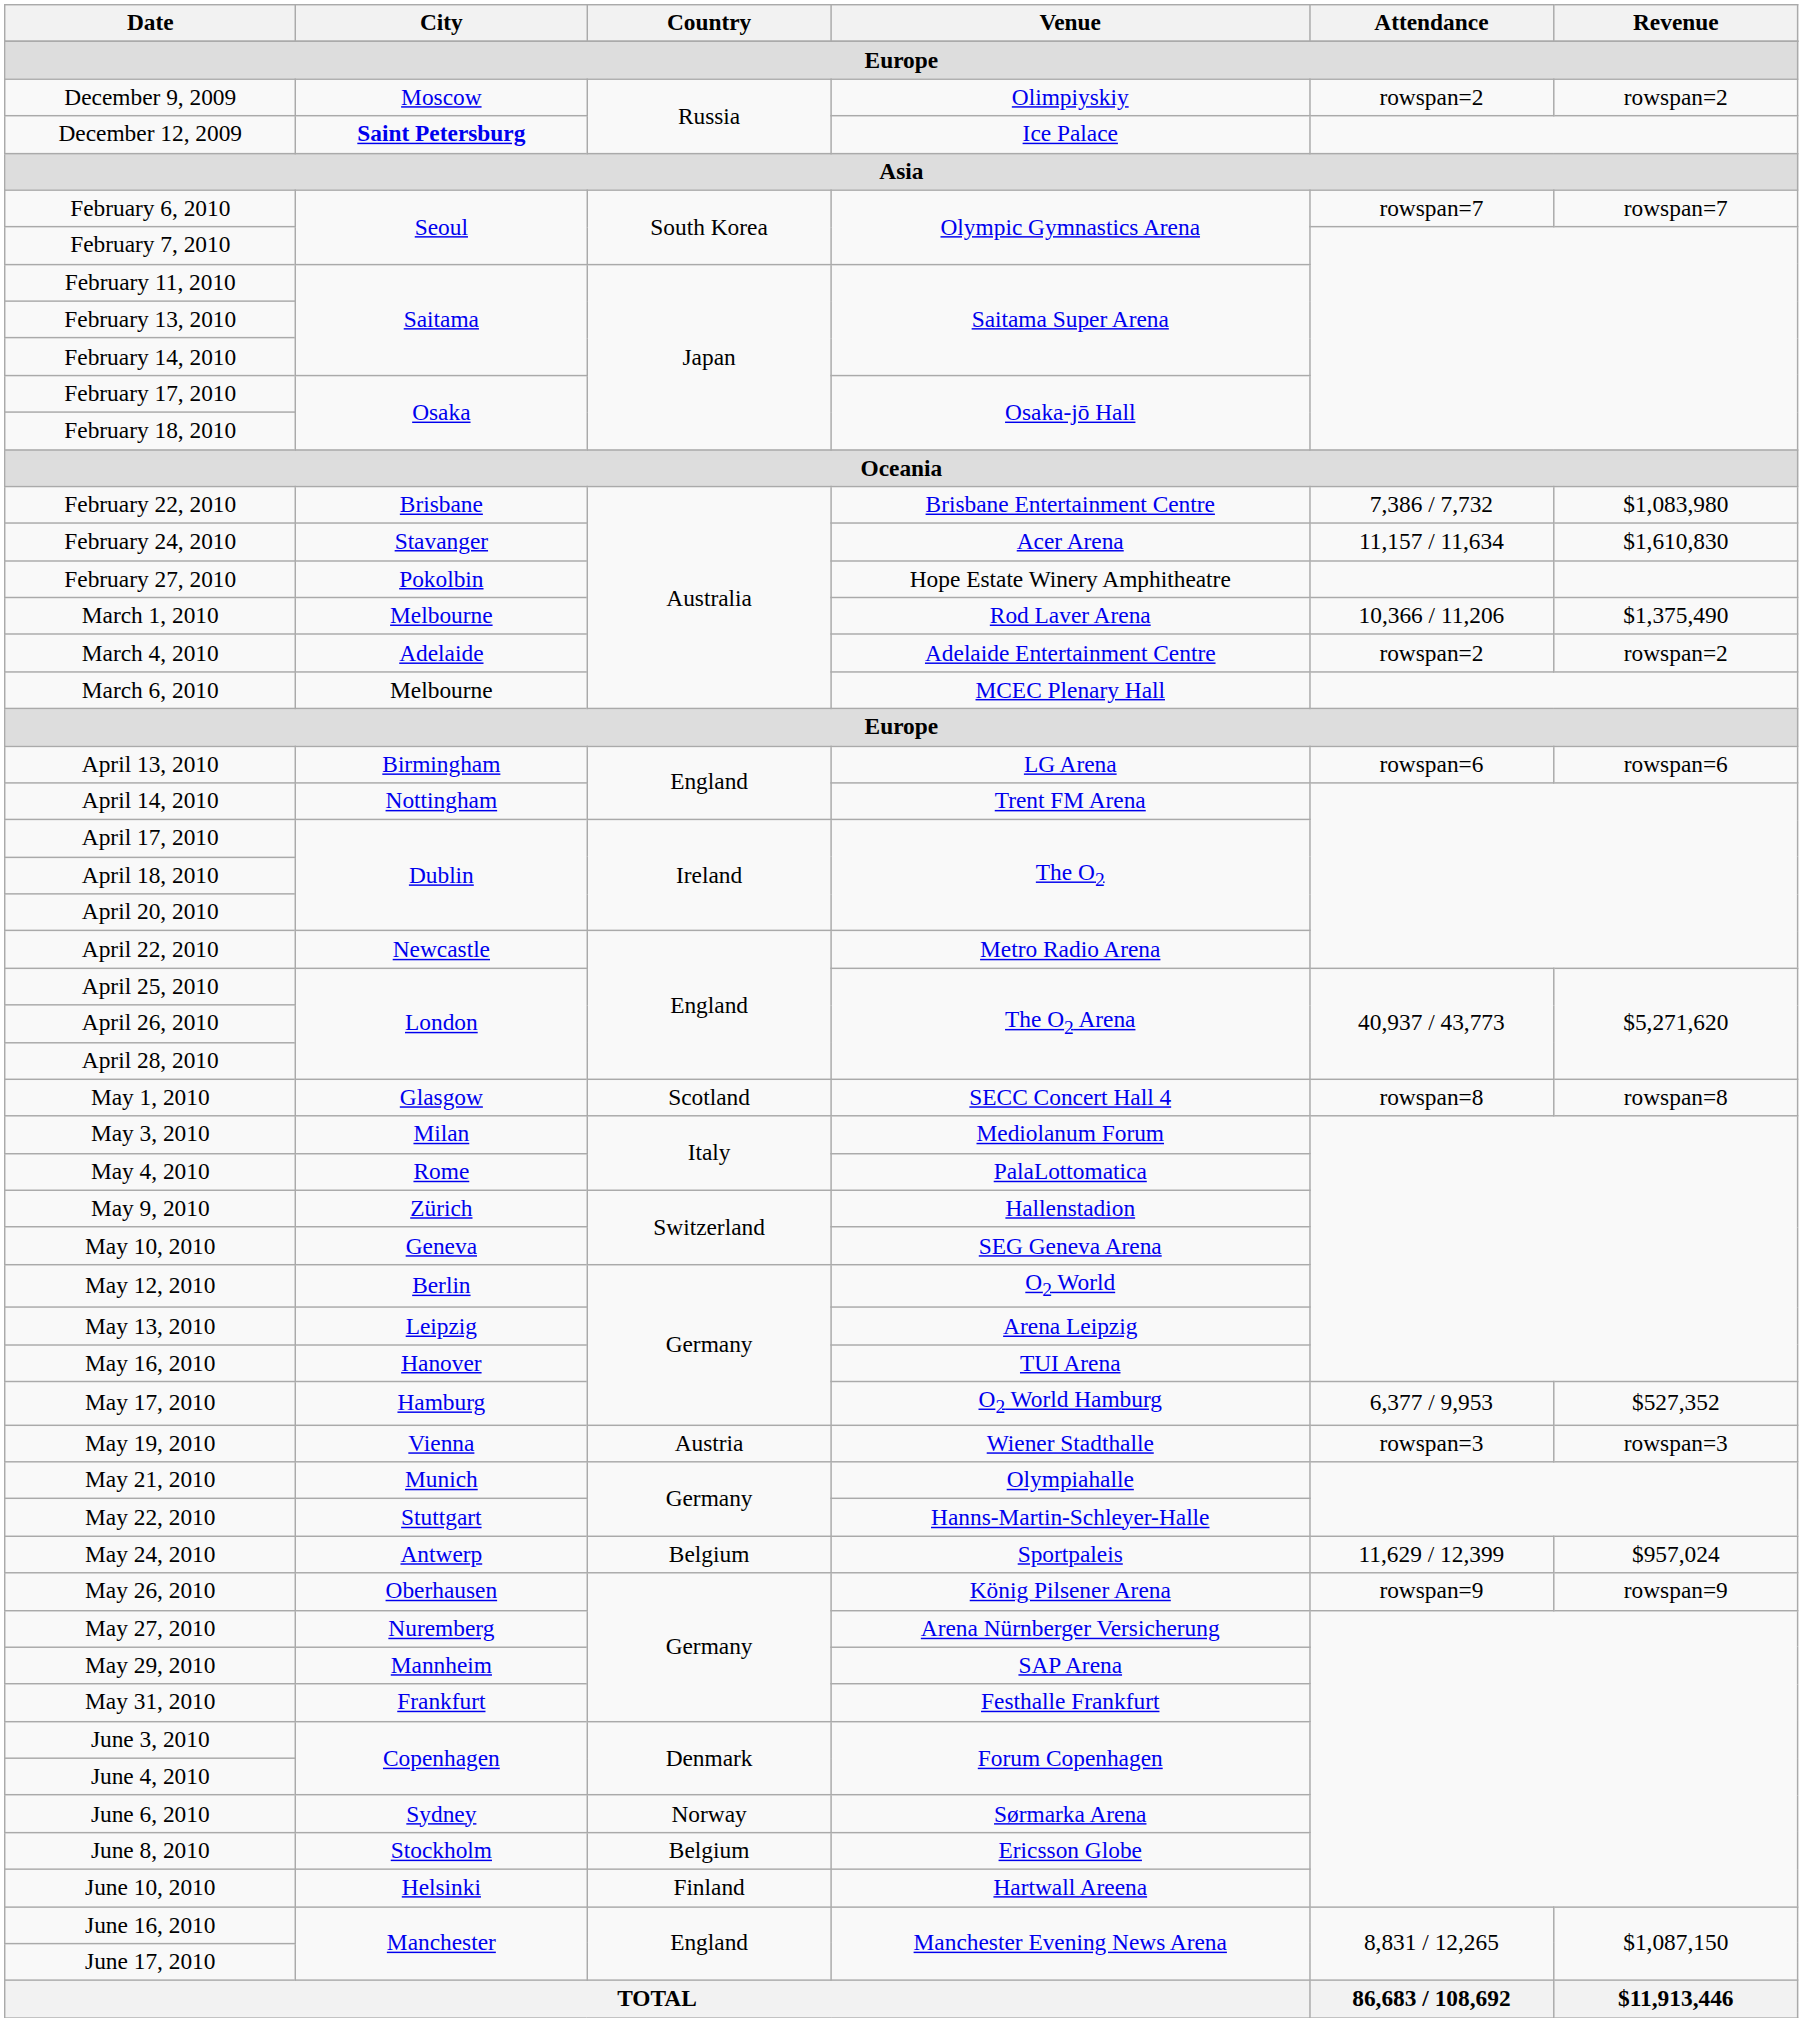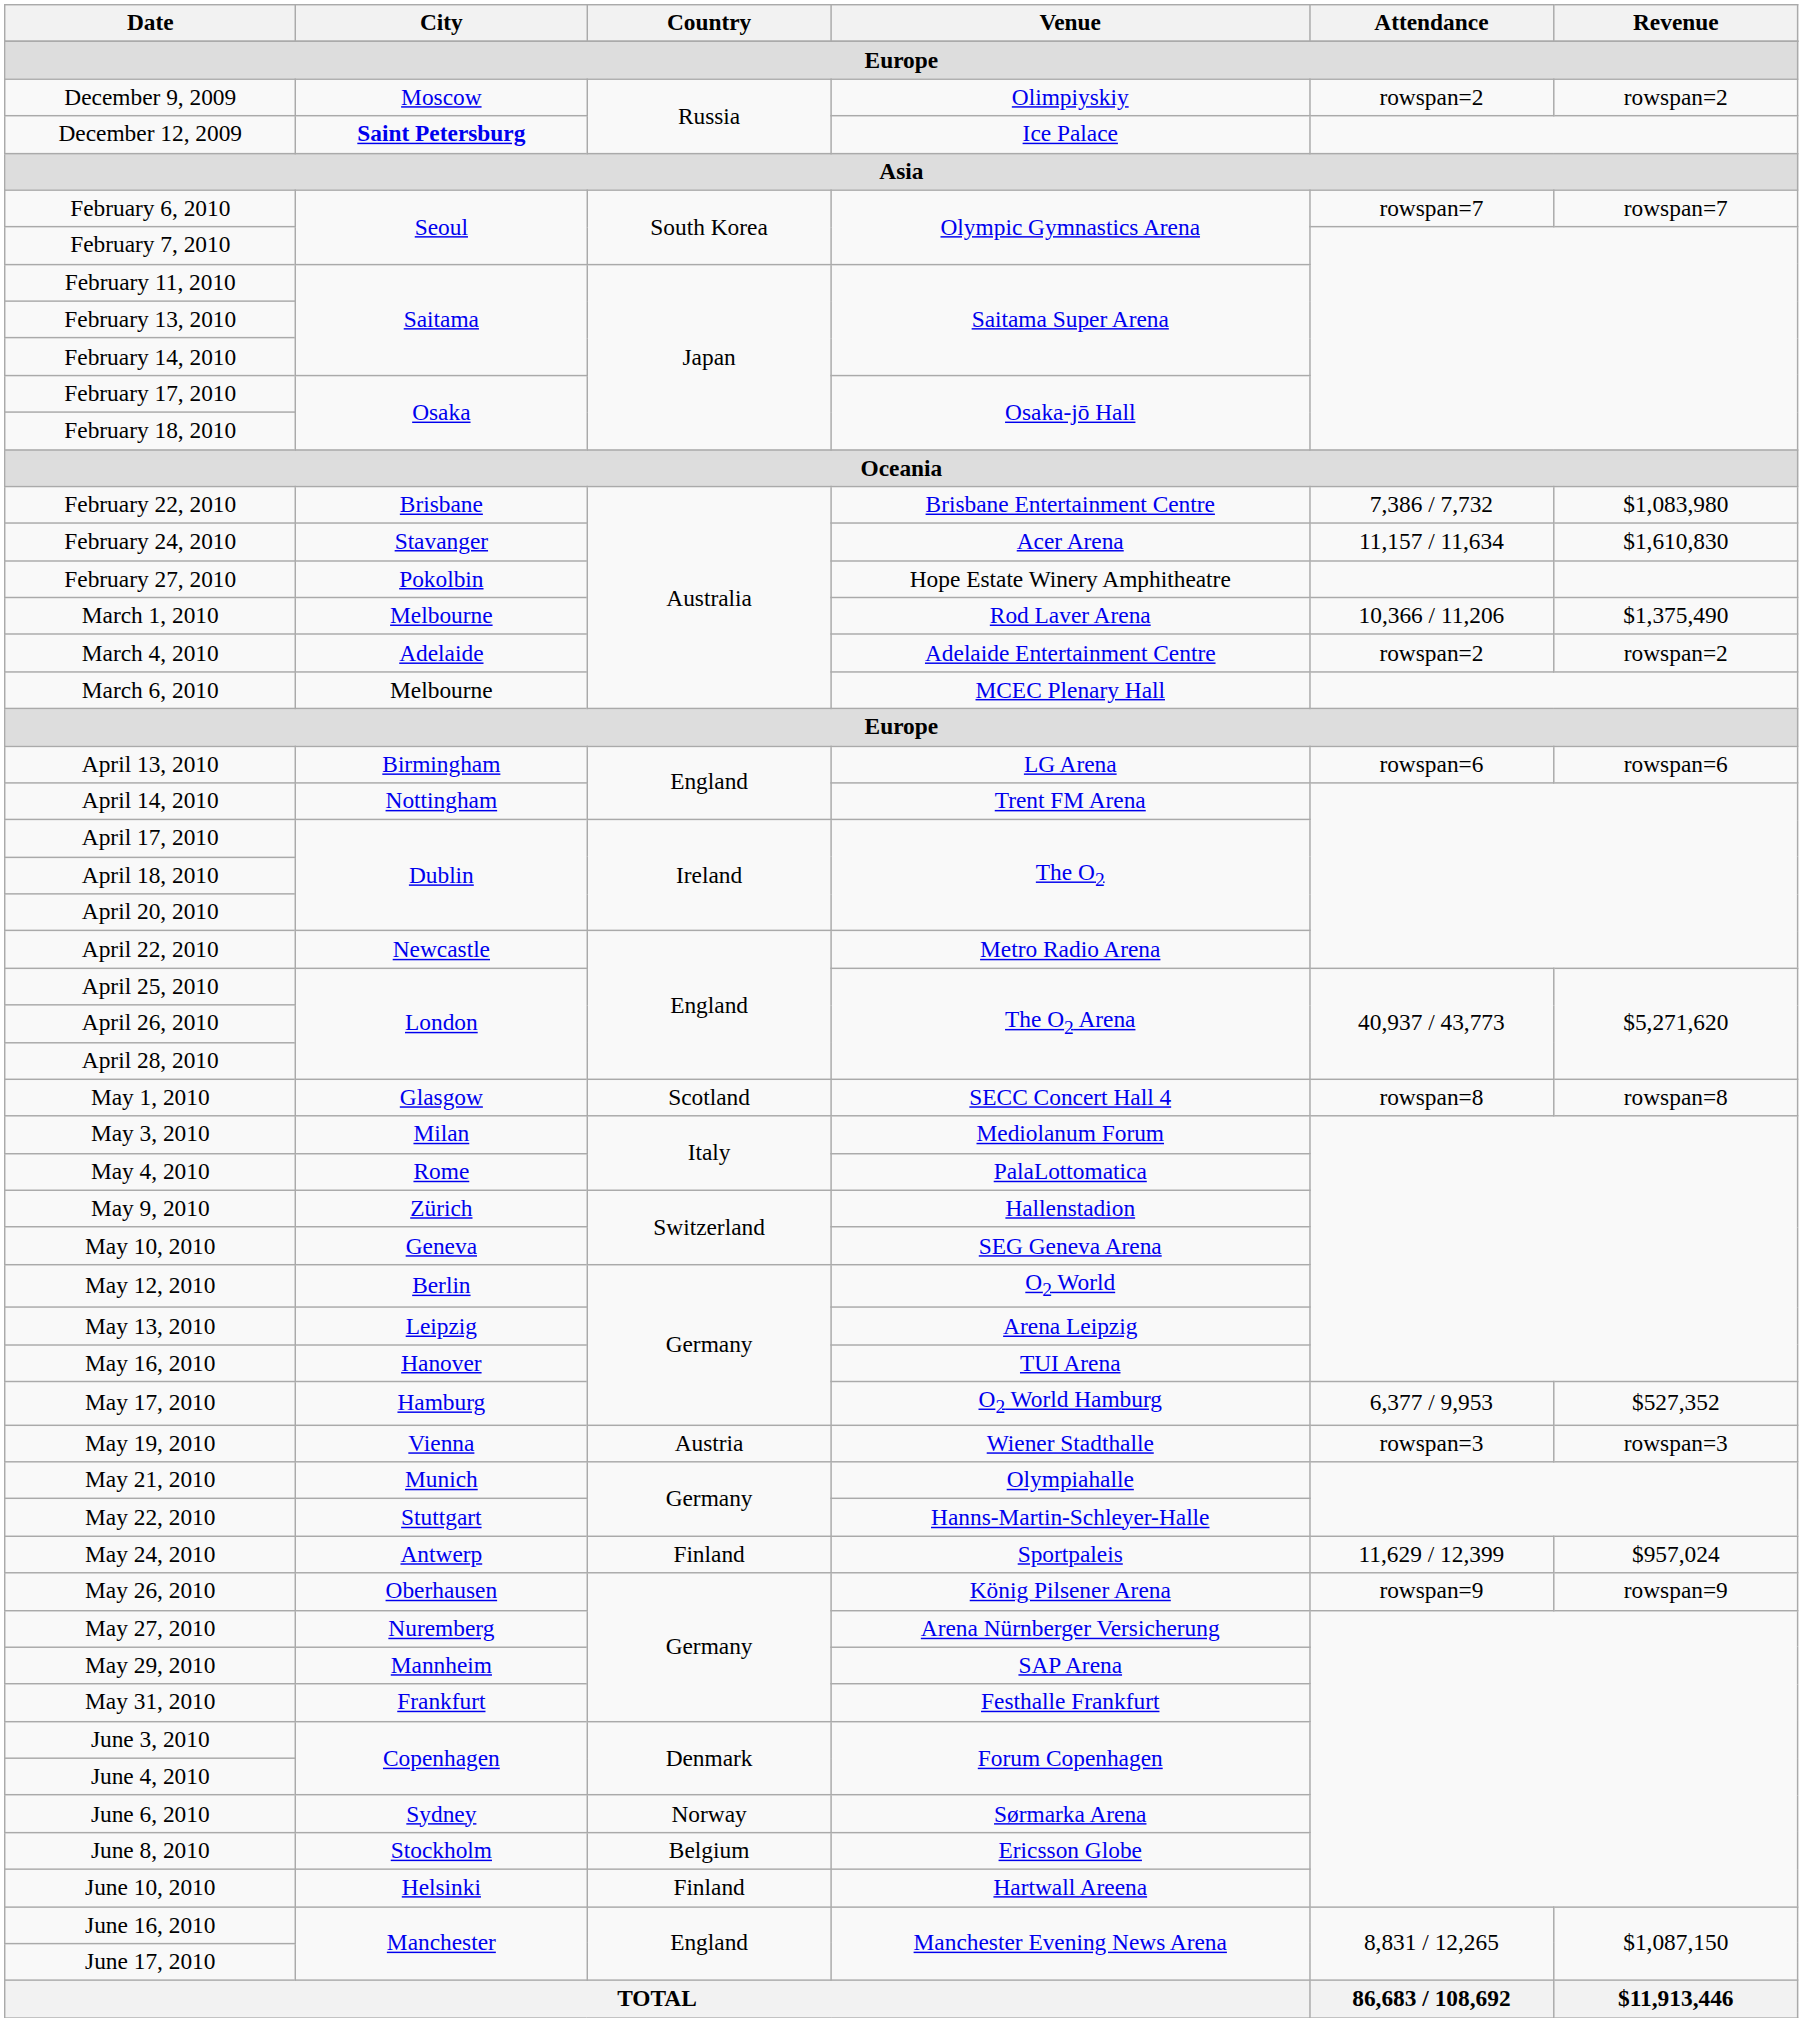 <table class="wikitable" style="text-align:center;">
 <tr>
 <th scope="col" style="width:12em;">Date</th>
 <th scope="col" style="width:12em;">City</th>
 <th scope="col" style="width:10em;">Country</th>
 <th scope="col" style="width:20em;">Venue</th>
 <th scope="col" style="width:10em;">Attendance</th>
 <th scope="col" style="width:10em;">Revenue</th>
 </tr>
 <tr>
 </tr>
 <tr bgcolor="#DDDDDD">
 <td colspan=6><strong>Europe</strong></td>
 </tr>
 <tr>
 <td>December 9, 2009</td>
 <td><a href='#'>Moscow</a></td>
 <td rowspan="2">Russia</td>
 <td><a href='#'>Olimpiyskiy</a></td>
 <td>rowspan=2 </td>
 <td>rowspan=2 </td>
 </tr>
 <tr>
 <td>December 12, 2009</td>
 <td><strong><a href='#'>Saint Petersburg</a></strong></td>
 <td><a href='#'>Ice Palace</a></td>
 </tr>
 <tr bgcolor="#DDDDDD">
 <td colspan=6><strong>Asia</strong></td>
 </tr>
 <tr>
 <td>February 6, 2010</td>
 <td rowspan="2"><a href='#'>Seoul</a></td>
 <td rowspan="2">South Korea</td>
 <td rowspan="2"><a href='#'>Olympic Gymnastics Arena</a></td>
 <td>rowspan=7 </td>
 <td>rowspan=7 </td>
 </tr>
 <tr>
 <td>February 7, 2010</td>
 </tr>
 <tr>
 <td>February 11, 2010</td>
 <td rowspan="3"><a href='#'>Saitama</a></td>
 <td rowspan="5">Japan</td>
 <td rowspan="3"><a href='#'>Saitama Super Arena</a></td>
 </tr>
 <tr>
 <td>February 13, 2010</td>
 </tr>
 <tr>
 <td>February 14, 2010</td>
 </tr>
 <tr>
 <td>February 17, 2010</td>
 <td rowspan="2"><a href='#'>Osaka</a></td>
 <td rowspan="2"><a href='#'>Osaka-jō Hall</a></td>
 </tr>
 <tr>
 <td>February 18, 2010</td>
 </tr>
 <tr bgcolor="#DDDDDD">
 <td colspan=6><strong>Oceania</strong></td>
 </tr>
 <tr>
 <td>February 22, 2010</td>
 <td><a href='#'>Brisbane</a></td>
 <td rowspan="6">Australia</td>
 <td><a href='#'>Brisbane Entertainment Centre</a></td>
 <td>7,386 / 7,732</td>
 <td>$1,083,980</td>
 </tr>
 <tr>
 <td>February 24, 2010</td>
 <td><a href='#'>Stavanger</a></td>
 <td><a href='#'>Acer Arena</a></td>
 <td>11,157 / 11,634</td>
 <td>$1,610,830</td>
 </tr>
 <tr>
 <td>February 27, 2010</td>
 <td><a href='#'>Pokolbin</a></td>
 <td>Hope Estate Winery Amphitheatre</td>
 <td></td>
 <td></td>
 </tr>
 <tr>
 <td>March 1, 2010</td>
 <td><a href='#'>Melbourne</a></td>
 <td><a href='#'>Rod Laver Arena</a></td>
 <td>10,366 / 11,206</td>
 <td>$1,375,490</td>
 </tr>
 <tr>
 <td>March 4, 2010</td>
 <td><a href='#'>Adelaide</a></td>
 <td><a href='#'>Adelaide Entertainment Centre</a></td>
 <td>rowspan=2 </td>
 <td>rowspan=2 </td>
 </tr>
 <tr>
 <td>March 6, 2010</td>
 <td>Melbourne</td>
 <td><a href='#'>MCEC Plenary Hall</a></td>
 </tr>
 <tr bgcolor="#DDDDDD">
 <td colspan=6><strong>Europe</strong></td>
 </tr>
 <tr>
 <td>April 13, 2010</td>
 <td><a href='#'>Birmingham</a></td>
 <td rowspan="2">England</td>
 <td><a href='#'>LG Arena</a></td>
 <td>rowspan=6 </td>
 <td>rowspan=6 </td>
 </tr>
 <tr>
 <td>April 14, 2010</td>
 <td><a href='#'>Nottingham</a></td>
 <td><a href='#'>Trent FM Arena</a></td>
 </tr>
 <tr>
 <td>April 17, 2010</td>
 <td rowspan="3"><a href='#'>Dublin</a></td>
 <td rowspan="3">Ireland</td>
 <td rowspan="3"><a href='#'>The O<sub>2</sub></a></td>
 </tr>
 <tr>
 <td>April 18, 2010</td>
 </tr>
 <tr>
 <td>April 20, 2010</td>
 </tr>
 <tr>
 <td>April 22, 2010</td>
 <td><a href='#'>Newcastle</a></td>
 <td rowspan="4">England</td>
 <td><a href='#'>Metro Radio Arena</a></td>
 </tr>
 <tr>
 <td>April 25, 2010</td>
 <td rowspan="3"><a href='#'>London</a></td>
 <td rowspan="3"><a href='#'>The O<sub>2</sub> Arena</a></td>
 <td rowspan=3>40,937 / 43,773</td>
 <td rowspan=3>$5,271,620</td>
 </tr>
 <tr>
 <td>April 26, 2010</td>
 </tr>
 <tr>
 <td>April 28, 2010</td>
 </tr>
 <tr>
 <td>May 1, 2010</td>
 <td><a href='#'>Glasgow</a></td>
 <td>Scotland</td>
 <td><a href='#'>SECC Concert Hall 4</a></td>
 <td>rowspan=8 </td>
 <td>rowspan=8 </td>
 </tr>
 <tr>
 <td>May 3, 2010</td>
 <td><a href='#'>Milan</a></td>
 <td rowspan="2">Italy</td>
 <td><a href='#'>Mediolanum Forum</a></td>
 </tr>
 <tr>
 <td>May 4, 2010</td>
 <td><a href='#'>Rome</a></td>
 <td><a href='#'>PalaLottomatica</a></td>
 </tr>
 <tr>
 <td>May 9, 2010</td>
 <td><a href='#'>Zürich</a></td>
 <td rowspan="2">Switzerland</td>
 <td><a href='#'>Hallenstadion</a></td>
 </tr>
 <tr>
 <td>May 10, 2010</td>
 <td><a href='#'>Geneva</a></td>
 <td><a href='#'>SEG Geneva Arena</a></td>
 </tr>
 <tr>
 <td>May 12, 2010</td>
 <td><a href='#'>Berlin</a></td>
 <td rowspan="4">Germany</td>
 <td><a href='#'>O<sub>2</sub> World</a></td>
 </tr>
 <tr>
 <td>May 13, 2010</td>
 <td><a href='#'>Leipzig</a></td>
 <td><a href='#'>Arena Leipzig</a></td>
 </tr>
 <tr>
 <td>May 16, 2010</td>
 <td><a href='#'>Hanover</a></td>
 <td><a href='#'>TUI Arena</a></td>
 </tr>
 <tr>
 <td>May 17, 2010</td>
 <td><a href='#'>Hamburg</a></td>
 <td><a href='#'>O<sub>2</sub> World Hamburg</a></td>
 <td>6,377 / 9,953</td>
 <td>$527,352</td>
 </tr>
 <tr>
 <td>May 19, 2010</td>
 <td><a href='#'>Vienna</a></td>
 <td>Austria</td>
 <td><a href='#'>Wiener Stadthalle</a></td>
 <td>rowspan=3 </td>
 <td>rowspan=3 </td>
 </tr>
 <tr>
 <td>May 21, 2010</td>
 <td><a href='#'>Munich</a></td>
 <td rowspan="2">Germany</td>
 <td><a href='#'>Olympiahalle</a></td>
 </tr>
 <tr>
 <td>May 22, 2010</td>
 <td><a href='#'>Stuttgart</a></td>
 <td><a href='#'>Hanns-Martin-Schleyer-Halle</a></td>
 </tr>
 <tr>
 <td>May 24, 2010</td>
 <td><a href='#'>Antwerp</a></td>
-<td>Belgium</td>
+<td>Finland</td>
 <td><a href='#'>Sportpaleis</a></td>
 <td>11,629 / 12,399</td>
 <td>$957,024</td>
 </tr>
 <tr>
 <td>May 26, 2010</td>
 <td><a href='#'>Oberhausen</a></td>
 <td rowspan="4">Germany</td>
 <td><a href='#'>König Pilsener Arena</a></td>
 <td>rowspan=9 </td>
 <td>rowspan=9 </td>
 </tr>
 <tr>
 <td>May 27, 2010</td>
 <td><a href='#'>Nuremberg</a></td>
 <td><a href='#'>Arena Nürnberger Versicherung</a></td>
 </tr>
 <tr>
 <td>May 29, 2010</td>
 <td><a href='#'>Mannheim</a></td>
 <td><a href='#'>SAP Arena</a></td>
 </tr>
 <tr>
 <td>May 31, 2010</td>
 <td><a href='#'>Frankfurt</a></td>
 <td><a href='#'>Festhalle Frankfurt</a></td>
 </tr>
 <tr>
 <td>June 3, 2010</td>
 <td rowspan="2"><a href='#'>Copenhagen</a></td>
 <td rowspan="2">Denmark</td>
 <td rowspan="2"><a href='#'>Forum Copenhagen</a></td>
 </tr>
 <tr>
 <td>June 4, 2010</td>
 </tr>
 <tr>
 <td>June 6, 2010</td>
 <td><a href='#'>Sydney</a></td>
 <td>Norway</td>
 <td><a href='#'>Sørmarka Arena</a></td>
 </tr>
 <tr>
 <td>June 8, 2010</td>
 <td><a href='#'>Stockholm</a></td>
 <td>Belgium</td>
 <td><a href='#'>Ericsson Globe</a></td>
 </tr>
 <tr>
 <td>June 10, 2010</td>
 <td><a href='#'>Helsinki</a></td>
 <td>Finland</td>
 <td><a href='#'>Hartwall Areena</a></td>
 </tr>
 <tr>
 <td>June 16, 2010</td>
 <td rowspan="2"><a href='#'>Manchester</a></td>
 <td rowspan="2">England</td>
 <td rowspan="2"><a href='#'>Manchester Evening News Arena</a></td>
 <td rowspan=2>8,831 / 12,265</td>
 <td rowspan=2>$1,087,150</td>
 </tr>
 <tr>
 <td>June 17, 2010</td>
 </tr>
 <tr>
 <th colspan="4">TOTAL</th>
 <th>86,683 / 108,692</th>
 <th>$11,913,446</th>
 </tr>
 </table>
